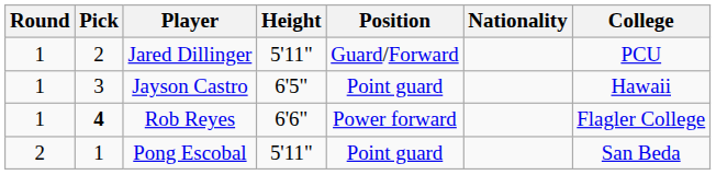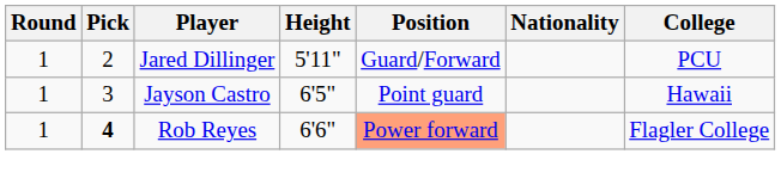 <table class="wikitable sortable sortable">
 <tr>
 <th>Round</th>
 <th>Pick</th>
 <th>Player</th>
 <th>Height</th>
 <th>Position</th>
 <th>Nationality</th>
 <th>College</th>
 </tr>
 <tr style="text-align: center">
 <td>1</td>
 <td>2</td>
 <td><a href='#'>Jared Dillinger</a></td>
 <td>5'11"</td>
 <td><a href='#'>Guard</a>/<a href='#'>Forward</a></td>
 <td></td>
 <td><a href='#'>PCU</a></td>
 </tr>
 <tr style="text-align: center">
 <td>1</td>
 <td>3</td>
 <td><a href='#'>Jayson Castro</a></td>
 <td>6'5"</td>
 <td><a href='#'>Point guard</a></td>
 <td></td>
 <td><a href='#'>Hawaii</a></td>
 </tr>
 <tr style="text-align: center">
 <td>1</td>
 <td><strong>4</strong></td>
 <td><a href='#'>Rob Reyes</a></td>
 <td>6'6"</td>
-<td><a href='#'>Power forward</a></td>
+<td style="background: lightsalmon;"><a href='#'>Power forward</a></td>
 <td></td>
 <td><a href='#'>Flagler College</a></td>
 </tr>
-<tr style="text-align: center">
-<td>2</td>
-<td>1</td>
-<td><a href='#'>Pong Escobal</a></td>
-<td>5'11"</td>
-<td><a href='#'>Point guard</a></td>
-<td></td>
-<td><a href='#'>San Beda</a></td>
-</tr>
 </table>
